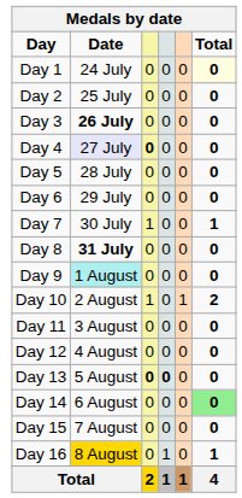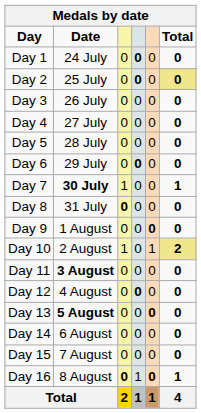 <table class=wikitable style="font-size:85%; float:right;">
 <tr bgcolor=efefef>
 <th colspan=6><strong>Medals by date</strong></th>
 </tr>
 <tr align=center>
 <td><strong>Day</strong></td>
 <td><strong>Date</strong></td>
 <td bgcolor=#f7f6a8></td>
 <td bgcolor=#dce5e5></td>
 <td bgcolor=#ffdab9></td>
 <td><strong>Total</strong></td>
 </tr>
 <tr align=center>
 <td>Day 1</td>
 <td>24 July</td>
 <td bgcolor=F7F6A8>0</td>
-<td bgcolor=DCE5E5>0</td>
+<td bgcolor=DCE5E5><strong>0</strong></td>
 <td bgcolor=FFDAB9>0</td>
-<td style="background: lightyellow;"><strong>0</strong></td>
+<td><strong>0</strong></td>
 </tr>
 <tr align=center>
 <td>Day 2</td>
 <td>25 July</td>
 <td bgcolor=F7F6A8>0</td>
-<td bgcolor=DCE5E5>0</td>
+<td bgcolor=DCE5E5><strong>0</strong></td>
 <td bgcolor=FFDAB9>0</td>
-<td><strong>0</strong></td>
+<td style="background: khaki;"><strong>0</strong></td>
 </tr>
 <tr align=center>
 <td>Day 3</td>
-<td><strong>26 July</strong></td>
+<td>26 July</td>
 <td bgcolor=F7F6A8>0</td>
 <td bgcolor=DCE5E5>0</td>
 <td bgcolor=FFDAB9>0</td>
 <td><strong>0</strong></td>
 </tr>
 <tr align=center>
 <td>Day 4</td>
-<td style="background: lavender;">27 July</td>
-<td bgcolor=F7F6A8><strong>0</strong></td>
+<td>27 July</td>
+<td bgcolor=F7F6A8>0</td>
 <td bgcolor=DCE5E5>0</td>
 <td bgcolor=FFDAB9>0</td>
 <td><strong>0</strong></td>
 </tr>
 <tr align=center>
 <td>Day 5</td>
 <td>28 July</td>
 <td bgcolor=F7F6A8>0</td>
 <td bgcolor=DCE5E5>0</td>
 <td bgcolor=FFDAB9>0</td>
 <td><strong>0</strong></td>
 </tr>
 <tr align=center>
 <td>Day 6</td>
 <td>29 July</td>
 <td bgcolor=F7F6A8>0</td>
-<td bgcolor=DCE5E5>0</td>
+<td bgcolor=DCE5E5><strong>0</strong></td>
 <td bgcolor=FFDAB9>0</td>
 <td><strong>0</strong></td>
 </tr>
 <tr align=center>
 <td>Day 7</td>
-<td>30 July</td>
+<td><strong>30 July</strong></td>
 <td bgcolor=F7F6A8>1</td>
 <td bgcolor=DCE5E5>0</td>
 <td bgcolor=FFDAB9>0</td>
 <td><strong>1</strong></td>
 </tr>
 <tr align=center>
 <td>Day 8</td>
-<td><strong>31 July</strong></td>
-<td bgcolor=F7F6A8>0</td>
+<td>31 July</td>
+<td bgcolor=F7F6A8><strong>0</strong></td>
 <td bgcolor=DCE5E5>0</td>
 <td bgcolor=FFDAB9>0</td>
 <td><strong>0</strong></td>
 </tr>
 <tr align=center>
 <td>Day 9</td>
-<td style="background: paleturquoise;">1 August</td>
+<td>1 August</td>
 <td bgcolor=F7F6A8>0</td>
 <td bgcolor=DCE5E5>0</td>
-<td bgcolor=FFDAB9>0</td>
+<td bgcolor=FFDAB9><strong>0</strong></td>
 <td><strong>0</strong></td>
 </tr>
 <tr align=center>
 <td>Day 10</td>
 <td>2 August</td>
 <td bgcolor=F7F6A8>1</td>
 <td bgcolor=DCE5E5>0</td>
 <td bgcolor=FFDAB9>1</td>
-<td><strong>2</strong></td>
+<td style="background: khaki;"><strong>2</strong></td>
 </tr>
 <tr align=center>
 <td>Day 11</td>
-<td>3 August</td>
+<td><strong>3 August</strong></td>
 <td bgcolor=F7F6A8>0</td>
 <td bgcolor=DCE5E5>0</td>
 <td bgcolor=FFDAB9>0</td>
 <td><strong>0</strong></td>
 </tr>
 <tr align=center>
 <td>Day 12</td>
 <td>4 August</td>
 <td bgcolor=F7F6A8>0</td>
-<td bgcolor=DCE5E5>0</td>
+<td bgcolor=DCE5E5><strong>0</strong></td>
 <td bgcolor=FFDAB9>0</td>
 <td><strong>0</strong></td>
 </tr>
 <tr align=center>
 <td>Day 13</td>
-<td>5 August</td>
-<td bgcolor=F7F6A8><strong>0</strong></td>
-<td bgcolor=DCE5E5><strong>0</strong></td>
-<td bgcolor=FFDAB9>0</td>
+<td><strong>5 August</strong></td>
+<td bgcolor=F7F6A8>0</td>
+<td bgcolor=DCE5E5>0</td>
+<td bgcolor=FFDAB9><strong>0</strong></td>
 <td><strong>0</strong></td>
 </tr>
 <tr align=center>
 <td>Day 14</td>
 <td>6 August</td>
 <td bgcolor=F7F6A8>0</td>
 <td bgcolor=DCE5E5>0</td>
 <td bgcolor=FFDAB9>0</td>
-<td style="background: lightgreen;"><strong>0</strong></td>
+<td><strong>0</strong></td>
 </tr>
 <tr align=center>
 <td>Day 15</td>
 <td>7 August</td>
 <td bgcolor=F7F6A8>0</td>
 <td bgcolor=DCE5E5>0</td>
 <td bgcolor=FFDAB9>0</td>
 <td><strong>0</strong></td>
 </tr>
 <tr align=center>
 <td>Day 16</td>
-<td style="background: gold;">8 August</td>
-<td bgcolor=F7F6A8>0</td>
+<td>8 August</td>
+<td bgcolor=F7F6A8><strong>0</strong></td>
 <td bgcolor=DCE5E5>1</td>
-<td bgcolor=FFDAB9>0</td>
+<td bgcolor=FFDAB9><strong>0</strong></td>
 <td><strong>1</strong></td>
 </tr>
 <tr>
 <th colspan=2><strong>Total</strong></th>
 <th style="background:gold"><strong>2</strong></th>
 <th style="background:silver"><strong>1</strong></th>
 <th style="background:#c96"><strong>1</strong></th>
 <th><strong>4</strong></th>
 </tr>
 </table>
